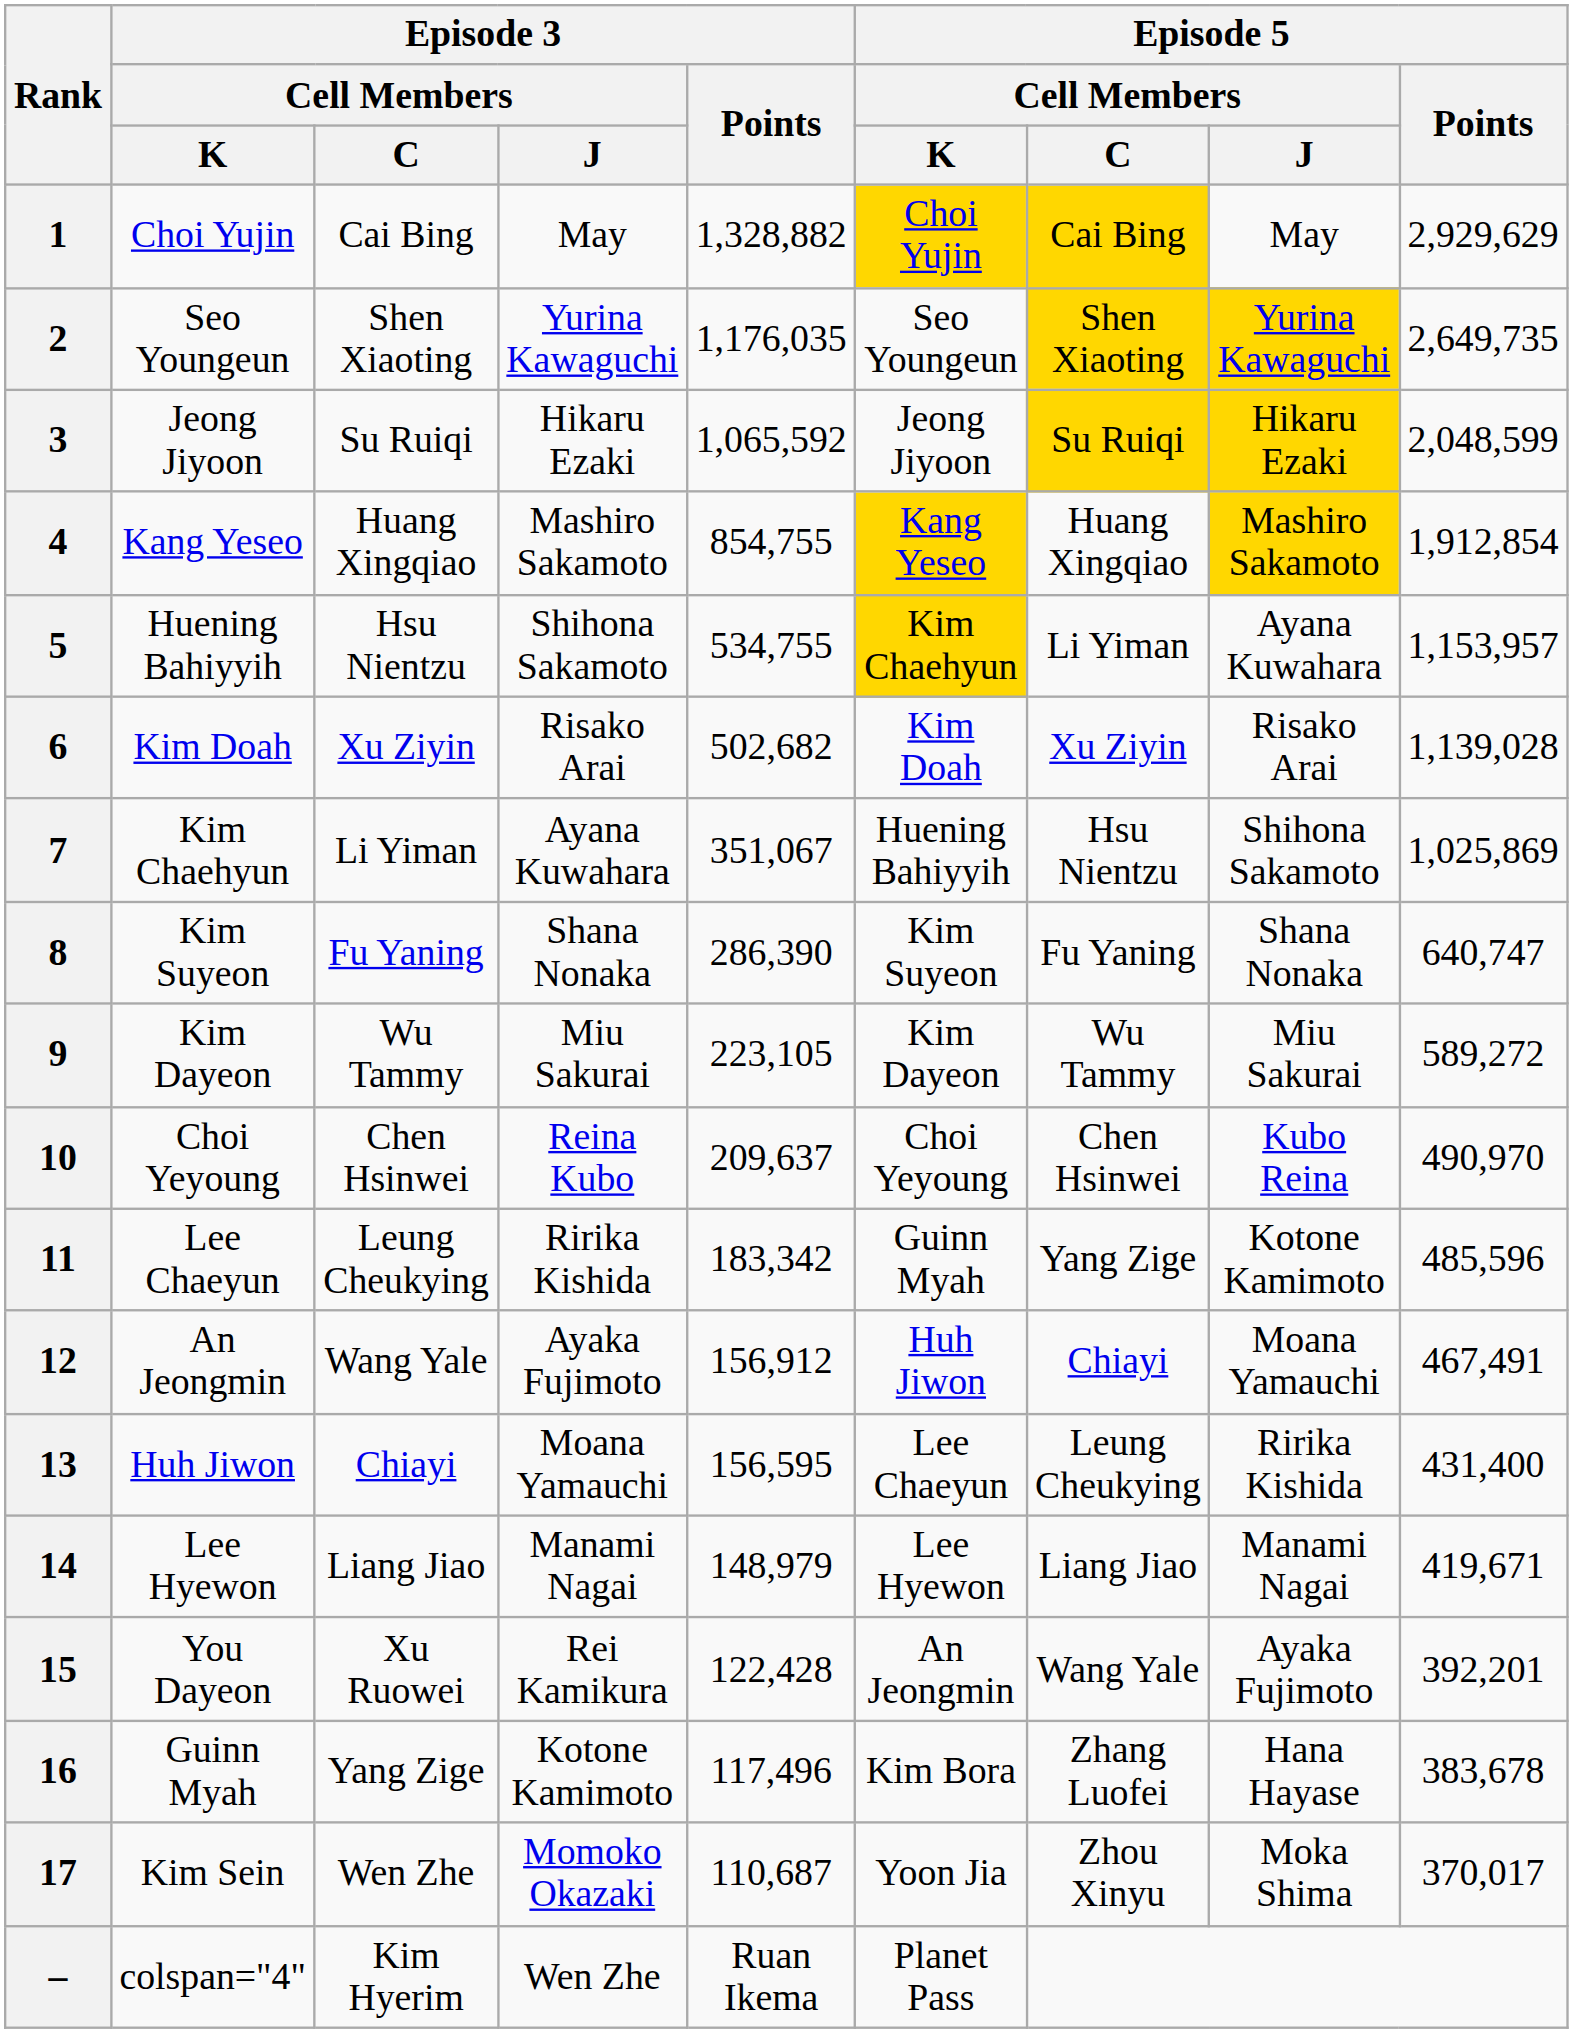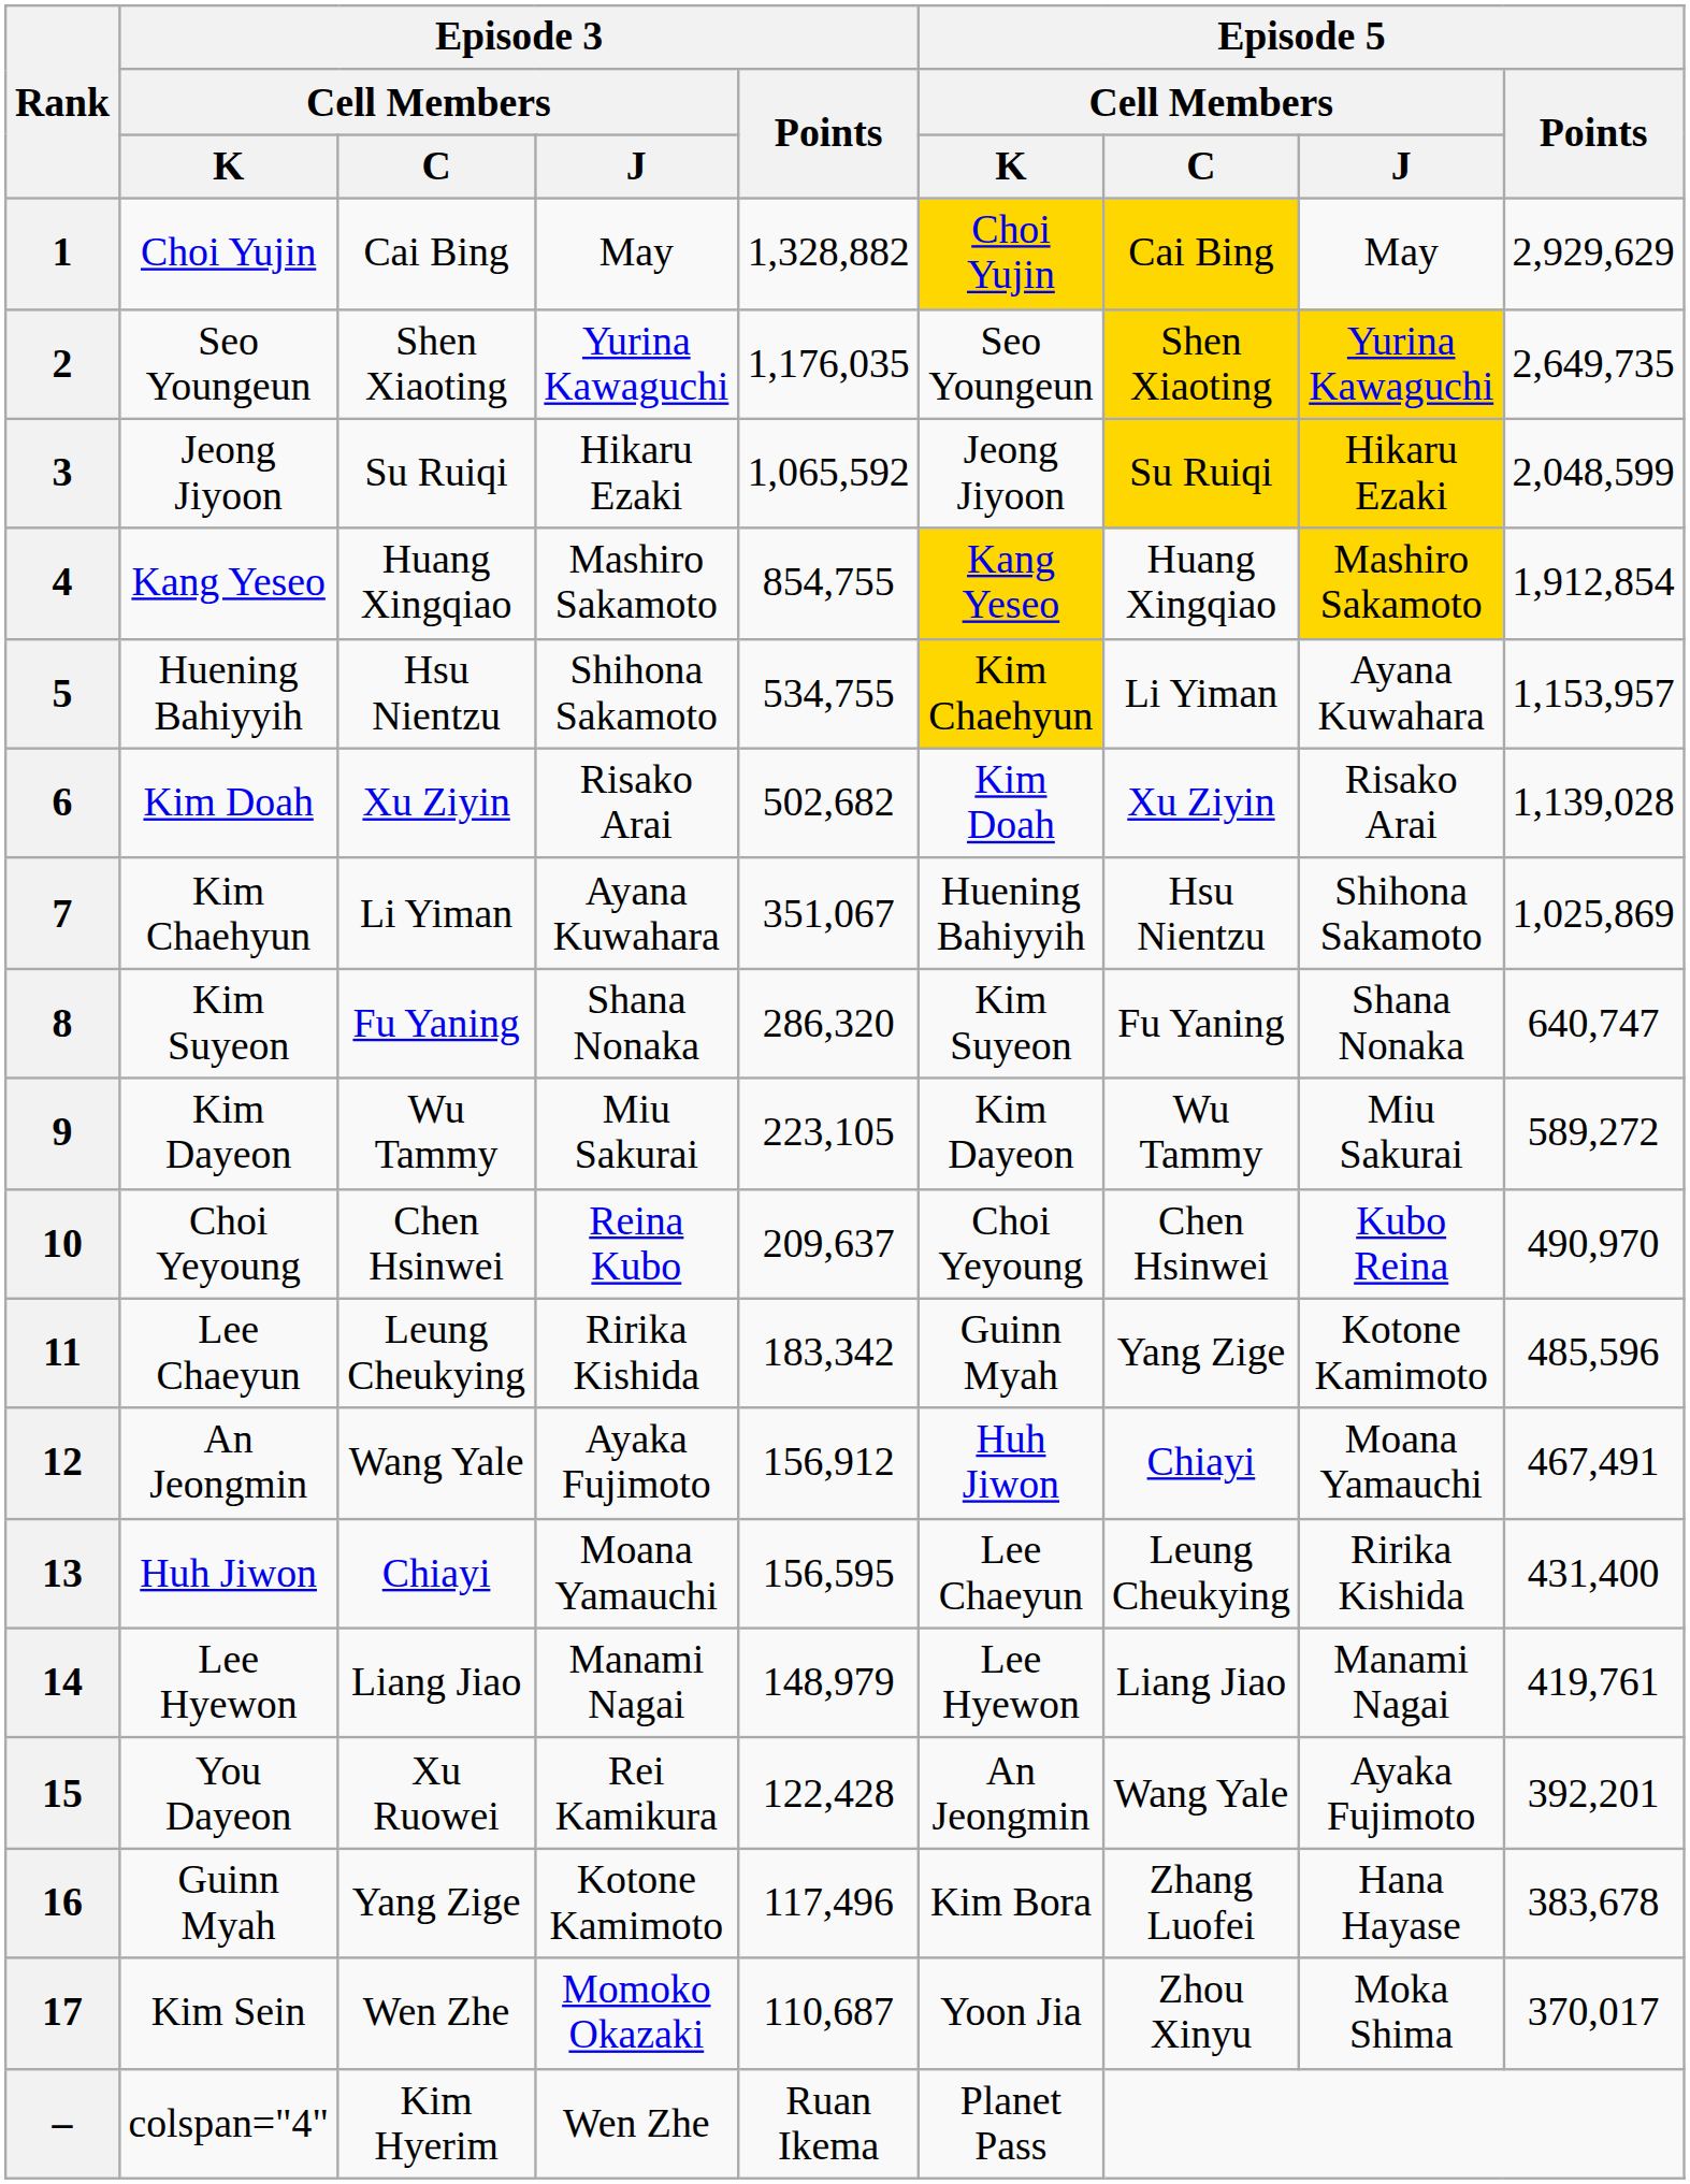 <table class="wikitable sortable" style="text-align:center">
 <tr>
 <th rowspan="3">Rank</th>
 <th colspan="4">Episode 3</th>
 <th colspan="4">Episode 5</th>
 </tr>
 <tr>
 <th colspan="3">Cell Members</th>
 <th rowspan="2">Points</th>
 <th colspan="3">Cell Members</th>
 <th rowspan="2">Points</th>
 </tr>
 <tr>
 <th>K</th>
 <th>C</th>
 <th>J</th>
 <th>K</th>
 <th>C</th>
 <th>J</th>
 </tr>
 <tr>
 <th>1</th>
 <td><a href='#'>Choi Yujin</a></td>
 <td>Cai Bing</td>
 <td>May</td>
 <td>1,328,882</td>
 <td style="background:#FFD700"><a href='#'>Choi Yujin</a></td>
 <td style="background:#FFD700">Cai Bing</td>
 <td>May</td>
 <td>2,929,629</td>
 </tr>
 <tr>
 <th>2</th>
 <td>Seo Youngeun</td>
 <td>Shen Xiaoting</td>
 <td><a href='#'>Yurina Kawaguchi</a></td>
 <td>1,176,035</td>
 <td>Seo Youngeun</td>
 <td style="background:#FFD700">Shen Xiaoting</td>
 <td style="background:#FFD700"><a href='#'>Yurina Kawaguchi</a></td>
 <td>2,649,735</td>
 </tr>
 <tr>
 <th>3</th>
 <td>Jeong Jiyoon</td>
 <td>Su Ruiqi</td>
 <td>Hikaru Ezaki</td>
 <td>1,065,592</td>
 <td>Jeong Jiyoon</td>
 <td style="background:#FFD700">Su Ruiqi</td>
 <td style="background:#FFD700">Hikaru Ezaki</td>
 <td>2,048,599</td>
 </tr>
 <tr>
 <th>4</th>
 <td><a href='#'>Kang Yeseo</a></td>
 <td>Huang Xingqiao</td>
 <td>Mashiro Sakamoto</td>
 <td>854,755</td>
 <td style="background:#FFD700"><a href='#'>Kang Yeseo</a></td>
 <td>Huang Xingqiao</td>
 <td style="background:#FFD700">Mashiro Sakamoto</td>
 <td>1,912,854</td>
 </tr>
 <tr>
 <th>5</th>
 <td>Huening Bahiyyih</td>
 <td>Hsu Nientzu</td>
 <td>Shihona Sakamoto</td>
 <td>534,755</td>
 <td style="background:#FFD700">Kim Chaehyun</td>
 <td>Li Yiman</td>
 <td>Ayana Kuwahara</td>
 <td>1,153,957</td>
 </tr>
 <tr>
 <th>6</th>
 <td><a href='#'>Kim Doah</a></td>
 <td><a href='#'>Xu Ziyin</a></td>
 <td>Risako Arai</td>
 <td>502,682</td>
 <td><a href='#'>Kim Doah</a></td>
 <td><a href='#'>Xu Ziyin</a></td>
 <td>Risako Arai</td>
 <td>1,139,028</td>
 </tr>
 <tr>
 <th>7</th>
 <td>Kim Chaehyun</td>
 <td>Li Yiman</td>
 <td>Ayana Kuwahara</td>
 <td>351,067</td>
 <td>Huening Bahiyyih</td>
 <td>Hsu Nientzu</td>
 <td>Shihona Sakamoto</td>
 <td>1,025,869</td>
 </tr>
 <tr>
 <th>8</th>
 <td>Kim Suyeon</td>
 <td><a href='#'>Fu Yaning</a></td>
 <td>Shana Nonaka</td>
-<td>286,390</td>
+<td>286,320</td>
 <td>Kim Suyeon</td>
 <td>Fu Yaning</td>
 <td>Shana Nonaka</td>
 <td>640,747</td>
 </tr>
 <tr>
 <th>9</th>
 <td>Kim Dayeon</td>
 <td>Wu Tammy</td>
 <td>Miu Sakurai</td>
 <td>223,105</td>
 <td>Kim Dayeon</td>
 <td>Wu Tammy</td>
 <td>Miu Sakurai</td>
 <td>589,272</td>
 </tr>
 <tr>
 <th>10</th>
 <td>Choi Yeyoung</td>
 <td>Chen Hsinwei</td>
 <td><a href='#'>Reina Kubo</a></td>
 <td>209,637</td>
 <td>Choi Yeyoung</td>
 <td>Chen Hsinwei</td>
 <td><a href='#'>Kubo Reina</a></td>
 <td>490,970</td>
 </tr>
 <tr>
 <th>11</th>
 <td>Lee Chaeyun</td>
 <td>Leung Cheukying</td>
 <td>Ririka Kishida</td>
 <td>183,342</td>
 <td>Guinn Myah</td>
 <td>Yang Zige</td>
 <td>Kotone Kamimoto</td>
 <td>485,596</td>
 </tr>
 <tr>
 <th>12</th>
 <td>An Jeongmin</td>
 <td>Wang Yale</td>
 <td>Ayaka Fujimoto</td>
 <td>156,912</td>
 <td><a href='#'>Huh Jiwon</a></td>
 <td><a href='#'>Chiayi</a></td>
 <td>Moana Yamauchi</td>
 <td>467,491</td>
 </tr>
 <tr>
 <th>13</th>
 <td><a href='#'>Huh Jiwon</a></td>
 <td><a href='#'>Chiayi</a></td>
 <td>Moana Yamauchi</td>
 <td>156,595</td>
 <td>Lee Chaeyun</td>
 <td>Leung Cheukying</td>
 <td>Ririka Kishida</td>
 <td>431,400</td>
 </tr>
 <tr>
 <th>14</th>
 <td>Lee Hyewon</td>
 <td>Liang Jiao</td>
 <td>Manami Nagai</td>
 <td>148,979</td>
 <td>Lee Hyewon</td>
 <td>Liang Jiao</td>
 <td>Manami Nagai</td>
-<td>419,671</td>
+<td>419,761</td>
 </tr>
 <tr>
 <th>15</th>
 <td>You Dayeon</td>
 <td>Xu Ruowei</td>
 <td>Rei Kamikura</td>
 <td>122,428</td>
 <td>An Jeongmin</td>
 <td>Wang Yale</td>
 <td>Ayaka Fujimoto</td>
 <td>392,201</td>
 </tr>
 <tr>
 <th>16</th>
 <td>Guinn Myah</td>
 <td>Yang Zige</td>
 <td>Kotone Kamimoto</td>
 <td>117,496</td>
 <td>Kim Bora</td>
 <td>Zhang Luofei</td>
 <td>Hana Hayase</td>
 <td>383,678</td>
 </tr>
 <tr>
 <th>17</th>
 <td>Kim Sein</td>
 <td>Wen Zhe</td>
 <td><a href='#'>Momoko Okazaki</a></td>
 <td>110,687</td>
 <td>Yoon Jia</td>
 <td>Zhou Xinyu</td>
 <td>Moka Shima</td>
 <td>370,017</td>
 </tr>
 <tr>
 <th>–</th>
 <td>colspan="4" </td>
 <td>Kim Hyerim</td>
 <td>Wen Zhe</td>
 <td>Ruan Ikema</td>
 <td>Planet Pass</td>
 </tr>
 </table>
